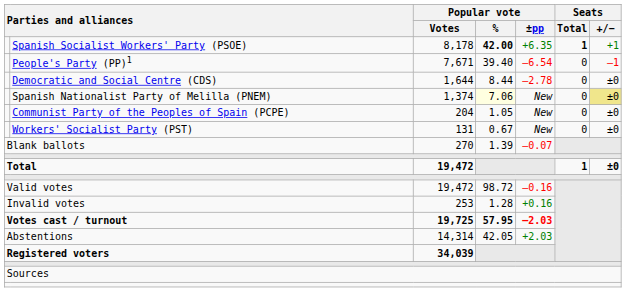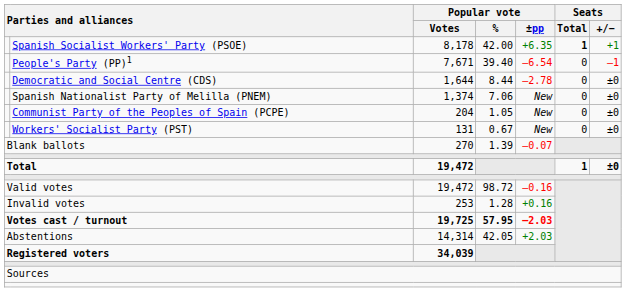 <table class="wikitable" style="text-align:right;">
 <tr>
 <th style="text-align:left;" rowspan="2" colspan="2" width="525">Parties and alliances</th>
 <th colspan="3">Popular vote</th>
 <th colspan="2">Seats</th>
 </tr>
 <tr>
 <th width="75">Votes</th>
 <th width="45">%</th>
 <th width="45">±<a href='#'>pp</a></th>
 <th width="35">Total</th>
 <th width="35">+/−</th>
 </tr>
 <tr>
 <td width="1" style="color:inherit;background:"></td>
 <td align="left"><a href='#'>Spanish Socialist Workers' Party</a> (PSOE)</td>
 <td>8,178</td>
-<td><strong>42.00</strong></td>
+<td>42.00</td>
 <td style="color:green;">+6.35</td>
 <td><strong>1</strong></td>
 <td style="color:green;">+1</td>
 </tr>
 <tr>
 <td style="color:inherit;background:"></td>
 <td align="left"><a href='#'>People's Party</a> (PP)<sup>1</sup></td>
 <td>7,671</td>
 <td>39.40</td>
 <td style="color:red;">–6.54</td>
 <td>0</td>
 <td style="color:red;">–1</td>
 </tr>
 <tr>
 <td style="color:inherit;background:"></td>
 <td align="left"><a href='#'>Democratic and Social Centre</a> (CDS)</td>
 <td>1,644</td>
 <td>8.44</td>
 <td style="color:red;">–2.78</td>
 <td>0</td>
 <td>±0</td>
 </tr>
 <tr>
 <td style="color:inherit;background:"></td>
 <td align="left">Spanish Nationalist Party of Melilla (PNEM)</td>
 <td>1,374</td>
-<td style="background: lightyellow;">7.06</td>
+<td>7.06</td>
 <td><em>New</em></td>
 <td>0</td>
-<td style="background: khaki;">±0</td>
+<td>±0</td>
 </tr>
 <tr>
 <td style="color:inherit;background:"></td>
 <td align="left"><a href='#'>Communist Party of the Peoples of Spain</a> (PCPE)</td>
 <td>204</td>
 <td>1.05</td>
 <td><em>New</em></td>
 <td>0</td>
 <td>±0</td>
 </tr>
 <tr>
 <td style="color:inherit;background:"></td>
 <td align="left"><a href='#'>Workers' Socialist Party</a> (PST)</td>
 <td>131</td>
 <td>0.67</td>
 <td><em>New</em></td>
 <td>0</td>
 <td>±0</td>
 </tr>
 <tr>
 <td align="left" colspan="2">Blank ballots</td>
 <td>270</td>
 <td>1.39</td>
 <td style="color:red;">–0.07</td>
 <td bgcolor="#E9E9E9" colspan="2"></td>
 </tr>
 <tr>
 <td colspan="7" bgcolor="#E9E9E9"></td>
 </tr>
 <tr style="font-weight:bold;">
 <td align="left" colspan="2">Total</td>
 <td>19,472</td>
 <td bgcolor="#E9E9E9" colspan="2"></td>
 <td>1</td>
 <td>±0</td>
 </tr>
 <tr>
 <td colspan="7" bgcolor="#E9E9E9"></td>
 </tr>
 <tr>
 <td align="left" colspan="2">Valid votes</td>
 <td>19,472</td>
 <td>98.72</td>
 <td style="color:red;">–0.16</td>
 <td bgcolor="#E9E9E9" colspan="2" rowspan="5"></td>
 </tr>
 <tr>
 <td align="left" colspan="2">Invalid votes</td>
 <td>253</td>
 <td>1.28</td>
 <td style="color:green;">+0.16</td>
 </tr>
 <tr style="font-weight:bold;">
 <td align="left" colspan="2">Votes cast / turnout</td>
 <td>19,725</td>
 <td>57.95</td>
 <td style="color:red;">–2.03</td>
 </tr>
 <tr>
 <td align="left" colspan="2">Abstentions</td>
 <td>14,314</td>
 <td>42.05</td>
 <td style="color:green;">+2.03</td>
 </tr>
 <tr style="font-weight:bold;">
 <td align="left" colspan="2">Registered voters</td>
 <td>34,039</td>
 <td bgcolor="#E9E9E9" colspan="2"></td>
 </tr>
 <tr>
 <td colspan="7" bgcolor="#E9E9E9"></td>
 </tr>
 <tr>
 <td align="left" colspan="7">Sources</td>
 </tr>
 <tr>
 <td colspan="7" style="text-align:left; max-width:790px;"></td>
 </tr>
 </table>
